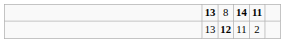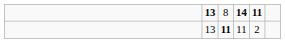 <table class="wikitable">
 <tr>
 <td style="width:18em"><strong></strong></td>
 <td align=center style="width:1em"><strong>13</strong></td>
 <td align=center style="width:1em">8</td>
 <td align=center style="width:1em"><strong>14</strong></td>
 <td align=center style="width:1em"><strong>11</strong></td>
 <td align=center style="width:1em"></td>
 </tr>
 <tr>
 <td style="width:18em"></td>
 <td align=center style="width:1em">13</td>
-<td align=center style="width:1em"><strong>12</strong></td>
+<td align=center style="width:1em"><strong>11</strong></td>
 <td align=center style="width:1em">11</td>
 <td align=center style="width:1em">2</td>
 <td align=center style="width:1em"></td>
 </tr>
 </table>
